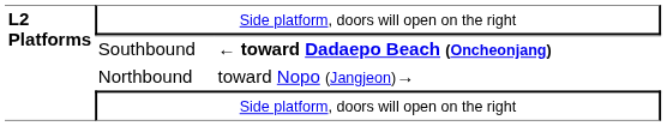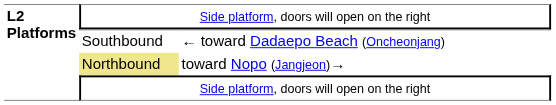 <table table border=0 cellspacing=0 cellpadding=3>
 <tr>
 <td style="border-top:solid 1px gray;border-bottom:solid 1px gray;" width=50 rowspan=10 valign=top><strong>L2<br>Platforms</strong></td>
 <td style="border-top:solid 1px gray;border-right:solid 2px black;border-left:solid 2px black;border-bottom:solid 2px black;text-align:center;" colspan=2><small><a href='#'>Side platform</a>, doors will open on the right</small></td>
 </tr>
 <tr>
 <td style="border-bottom:solid 0px gray;border-top:solid 1px gray;" width=100>Southbound</td>
-<td style="border-bottom:solid 0px gray;border-top:solid 1px gray;" width=390><strong>←  toward <a href='#'>Dadaepo Beach</a> <small>(<a href='#'>Oncheonjang</a>)</small></strong></td>
+<td style="border-bottom:solid 0px gray;border-top:solid 1px gray;" width=390>←  toward <a href='#'>Dadaepo Beach</a> <small>(<a href='#'>Oncheonjang</a>)</small></td>
 </tr>
 <tr>
-<td>Northbound</td>
+<td style="background: khaki;">Northbound</td>
 <td>  toward <a href='#'>Nopo</a> <small>(<a href='#'>Jangjeon</a>)</small>→</td>
 </tr>
 <tr>
 <td style="border-top:solid 2px black;border-right:solid 2px black;border-left:solid 2px black;border-bottom:solid 1px gray;text-align:center;" colspan=2><small><a href='#'>Side platform</a>, doors will open on the right</small></td>
 </tr>
 </table>
